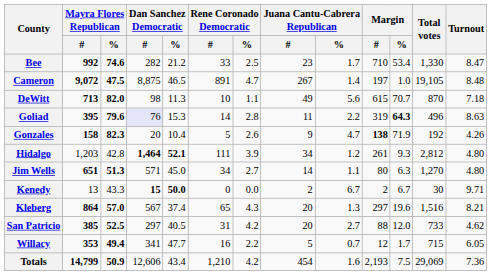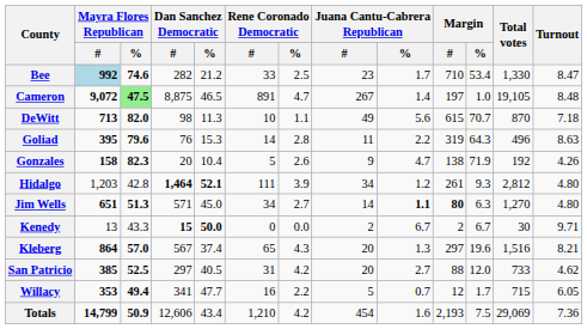 <table class="wikitable sortable" style="text-align:right;font-size:90%;line-height:1.3">
 <tr>
 <th rowspan="2">County</th>
 <th colspan="2"><a href='#'>Mayra Flores</a><br><a href='#'>Republican</a></th>
 <th colspan="2">Dan Sanchez<br><a href='#'>Democratic</a></th>
 <th colspan="2">Rene Coronado<br><a href='#'>Democratic</a></th>
 <th colspan="2">Juana Cantu-Cabrera<br><a href='#'>Republican</a></th>
 <th colspan="2">Margin</th>
 <th rowspan="2">Total<br>votes</th>
 <th rowspan="2">Turnout</th>
 </tr>
 <tr>
 <th data-sort-type="number" style="text-align:center;">#</th>
 <th data-sort-type="number" style="text-align:center;">%</th>
 <th data-sort-type="number" style="text-align:center;">#</th>
 <th data-sort-type="number" style="text-align:center;">%</th>
 <th data-sort-type="number" style="text-align:center;">#</th>
 <th data-sort-type="number" style="text-align:center;">%</th>
 <th data-sort-type="number" style="text-align:center;">#</th>
 <th data-sort-type="number" style="text-align:center;">%</th>
 <th data-sort-type="number" style="text-align:center;">#</th>
 <th data-sort-type="number" style="text-align:center;">%</th>
 </tr>
 <tr>
 <th><a href='#'>Bee</a></th>
-<td><strong>992</strong></td>
+<td style="background: lightblue;"><strong>992</strong></td>
 <td><strong>74.6</strong></td>
 <td>282</td>
 <td>21.2</td>
 <td>33</td>
 <td>2.5</td>
 <td>23</td>
 <td>1.7</td>
 <td>710</td>
 <td>53.4</td>
 <td>1,330</td>
 <td>8.47</td>
 </tr>
 <tr>
 <th><a href='#'>Cameron</a></th>
 <td><strong>9,072</strong></td>
-<td><strong>47.5</strong></td>
+<td style="background: lightgreen;"><strong>47.5</strong></td>
 <td>8,875</td>
 <td>46.5</td>
 <td>891</td>
 <td>4.7</td>
 <td>267</td>
 <td>1.4</td>
 <td>197</td>
 <td>1.0</td>
 <td>19,105</td>
 <td>8.48</td>
 </tr>
 <tr>
 <th><a href='#'>DeWitt</a></th>
 <td><strong>713</strong></td>
 <td><strong>82.0</strong></td>
 <td>98</td>
 <td>11.3</td>
 <td>10</td>
 <td>1.1</td>
 <td>49</td>
 <td>5.6</td>
 <td>615</td>
 <td>70.7</td>
 <td>870</td>
 <td>7.18</td>
 </tr>
 <tr>
 <th><a href='#'>Goliad</a></th>
 <td><strong>395</strong></td>
 <td><strong>79.6</strong></td>
-<td style="background: lavender;">76</td>
+<td>76</td>
 <td>15.3</td>
 <td>14</td>
 <td>2.8</td>
 <td>11</td>
 <td>2.2</td>
 <td>319</td>
-<td><strong>64.3</strong></td>
+<td>64.3</td>
 <td>496</td>
 <td>8.63</td>
 </tr>
 <tr>
 <th><a href='#'>Gonzales</a> </th>
 <td><strong>158</strong></td>
 <td><strong>82.3</strong></td>
 <td>20</td>
 <td>10.4</td>
 <td>5</td>
 <td>2.6</td>
 <td>9</td>
 <td>4.7</td>
-<td><strong>138</strong></td>
+<td>138</td>
 <td>71.9</td>
 <td>192</td>
 <td>4.26</td>
 </tr>
 <tr>
 <th><a href='#'>Hidalgo</a> </th>
 <td>1,203</td>
 <td>42.8</td>
 <td><strong>1,464</strong></td>
 <td><strong>52.1</strong></td>
 <td>111</td>
 <td>3.9</td>
 <td>34</td>
 <td>1.2</td>
 <td>261</td>
 <td>9.3</td>
 <td>2,812</td>
 <td>4.80</td>
 </tr>
 <tr>
 <th><a href='#'>Jim Wells</a></th>
 <td><strong>651</strong></td>
 <td><strong>51.3</strong></td>
 <td>571</td>
 <td>45.0</td>
 <td>34</td>
 <td>2.7</td>
 <td>14</td>
-<td>1.1</td>
-<td>80</td>
+<td><strong>1.1</strong></td>
+<td><strong>80</strong></td>
 <td>6.3</td>
 <td>1,270</td>
 <td>4.80</td>
 </tr>
 <tr>
 <th><a href='#'>Kenedy</a></th>
 <td>13</td>
 <td>43.3</td>
 <td><strong>15</strong></td>
 <td><strong>50.0</strong></td>
 <td>0</td>
 <td>0.0</td>
 <td>2</td>
 <td>6.7</td>
 <td>2</td>
 <td>6.7</td>
 <td>30</td>
 <td>9.71</td>
 </tr>
 <tr>
 <th><a href='#'>Kleberg</a></th>
 <td><strong>864</strong></td>
 <td><strong>57.0</strong></td>
 <td>567</td>
 <td>37.4</td>
 <td>65</td>
 <td>4.3</td>
 <td>20</td>
 <td>1.3</td>
 <td>297</td>
 <td>19.6</td>
 <td>1,516</td>
 <td>8.21</td>
 </tr>
 <tr>
 <th><a href='#'>San Patricio</a> </th>
 <td><strong>385</strong></td>
 <td><strong>52.5</strong></td>
 <td>297</td>
 <td>40.5</td>
 <td>31</td>
 <td>4.2</td>
 <td>20</td>
 <td>2.7</td>
 <td>88</td>
 <td>12.0</td>
 <td>733</td>
 <td>4.62</td>
 </tr>
 <tr>
 <th><a href='#'>Willacy</a></th>
 <td><strong>353</strong></td>
 <td><strong>49.4</strong></td>
 <td>341</td>
 <td>47.7</td>
 <td>16</td>
 <td>2.2</td>
 <td>5</td>
 <td>0.7</td>
 <td>12</td>
 <td>1.7</td>
 <td>715</td>
 <td>6.05</td>
 </tr>
 <tr class="sortbottom">
 <th>Totals</th>
 <td><strong>14,799</strong></td>
 <td><strong>50.9</strong></td>
 <td>12,606</td>
 <td>43.4</td>
 <td>1,210</td>
 <td>4.2</td>
 <td>454</td>
 <td>1.6</td>
 <td>2,193</td>
 <td>7.5</td>
 <td>29,069</td>
 <td>7.36</td>
 </tr>
 </table>
